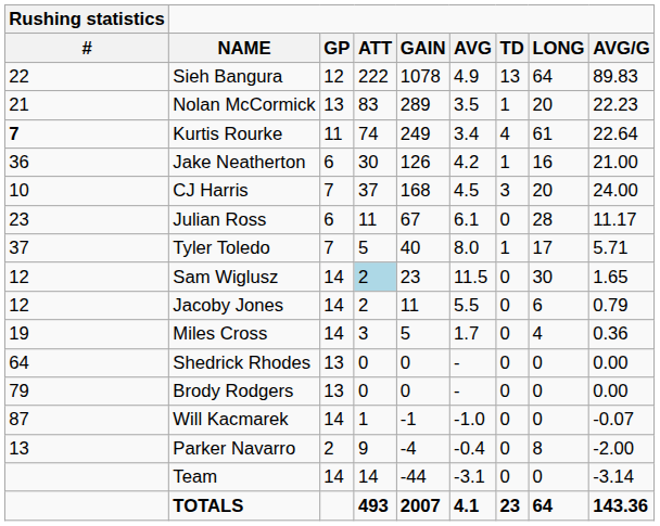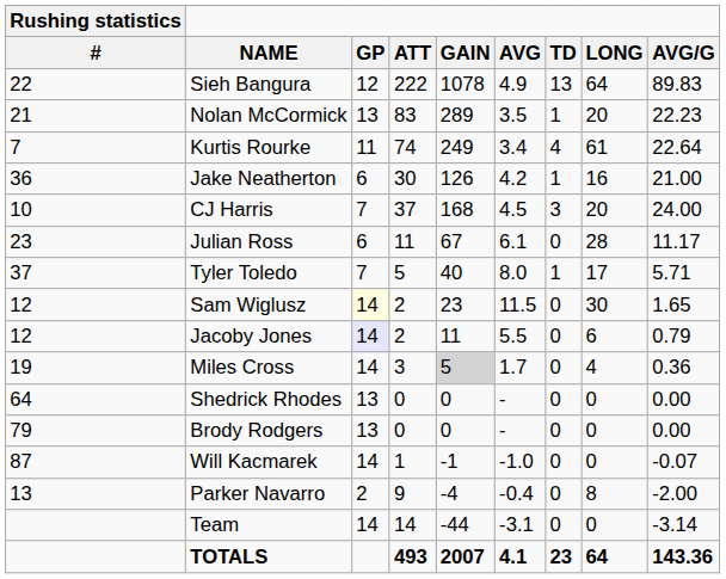 <table class="wikitable collapsible">
 <tr>
 <th style="text-align:center; ">Rushing statistics</th>
 </tr>
 <tr>
 <th>#</th>
 <th>NAME</th>
 <th>GP</th>
 <th>ATT</th>
 <th>GAIN</th>
 <th>AVG</th>
 <th>TD</th>
 <th>LONG</th>
 <th>AVG/G</th>
 </tr>
 <tr>
 <td>22</td>
 <td>Sieh Bangura</td>
 <td>12</td>
 <td>222</td>
 <td>1078</td>
 <td>4.9</td>
 <td>13</td>
 <td>64</td>
 <td>89.83</td>
 </tr>
 <tr>
 <td>21</td>
 <td>Nolan McCormick</td>
 <td>13</td>
 <td>83</td>
 <td>289</td>
 <td>3.5</td>
 <td>1</td>
 <td>20</td>
 <td>22.23</td>
 </tr>
 <tr>
-<td><strong>7</strong></td>
+<td>7</td>
 <td>Kurtis Rourke</td>
 <td>11</td>
 <td>74</td>
 <td>249</td>
 <td>3.4</td>
 <td>4</td>
 <td>61</td>
 <td>22.64</td>
 </tr>
 <tr>
 <td>36</td>
 <td>Jake Neatherton</td>
 <td>6</td>
 <td>30</td>
 <td>126</td>
 <td>4.2</td>
 <td>1</td>
 <td>16</td>
 <td>21.00</td>
 </tr>
 <tr>
 <td>10</td>
 <td>CJ Harris</td>
 <td>7</td>
 <td>37</td>
 <td>168</td>
 <td>4.5</td>
 <td>3</td>
 <td>20</td>
 <td>24.00</td>
 </tr>
 <tr>
 <td>23</td>
 <td>Julian Ross</td>
 <td>6</td>
 <td>11</td>
 <td>67</td>
 <td>6.1</td>
 <td>0</td>
 <td>28</td>
 <td>11.17</td>
 </tr>
 <tr>
 <td>37</td>
 <td>Tyler Toledo</td>
 <td>7</td>
 <td>5</td>
 <td>40</td>
 <td>8.0</td>
 <td>1</td>
 <td>17</td>
 <td>5.71</td>
 </tr>
 <tr>
 <td>12</td>
 <td>Sam Wiglusz</td>
-<td>14</td>
-<td style="background: lightblue;">2</td>
+<td style="background: lightyellow;">14</td>
+<td>2</td>
 <td>23</td>
 <td>11.5</td>
 <td>0</td>
 <td>30</td>
 <td>1.65</td>
 </tr>
 <tr>
 <td>12</td>
 <td>Jacoby Jones</td>
-<td>14</td>
+<td style="background: lavender;">14</td>
 <td>2</td>
 <td>11</td>
 <td>5.5</td>
 <td>0</td>
 <td>6</td>
 <td>0.79</td>
 </tr>
 <tr>
 <td>19</td>
 <td>Miles Cross</td>
 <td>14</td>
 <td>3</td>
-<td>5</td>
+<td style="background: lightgrey;">5</td>
 <td>1.7</td>
 <td>0</td>
 <td>4</td>
 <td>0.36</td>
 </tr>
 <tr>
 <td>64</td>
 <td>Shedrick Rhodes</td>
 <td>13</td>
 <td>0</td>
 <td>0</td>
 <td>-</td>
 <td>0</td>
 <td>0</td>
 <td>0.00</td>
 </tr>
 <tr>
 <td>79</td>
 <td>Brody Rodgers</td>
 <td>13</td>
 <td>0</td>
 <td>0</td>
 <td>-</td>
 <td>0</td>
 <td>0</td>
 <td>0.00</td>
 </tr>
 <tr>
 <td>87</td>
 <td>Will Kacmarek</td>
 <td>14</td>
 <td>1</td>
 <td>-1</td>
 <td>-1.0</td>
 <td>0</td>
 <td>0</td>
 <td>-0.07</td>
 </tr>
 <tr>
 <td>13</td>
 <td>Parker Navarro</td>
 <td>2</td>
 <td>9</td>
 <td>-4</td>
 <td>-0.4</td>
 <td>0</td>
 <td>8</td>
 <td>-2.00</td>
 </tr>
 <tr>
 <td></td>
 <td>Team</td>
 <td>14</td>
 <td>14</td>
 <td>-44</td>
 <td>-3.1</td>
 <td>0</td>
 <td>0</td>
 <td>-3.14</td>
 </tr>
 <tr>
 <td></td>
 <td><strong>TOTALS</strong></td>
 <td></td>
 <td><strong>493</strong></td>
 <td><strong>2007</strong></td>
 <td><strong>4.1</strong></td>
 <td><strong>23</strong></td>
 <td><strong>64</strong></td>
 <td><strong>143.36</strong></td>
 </tr>
 </table>
